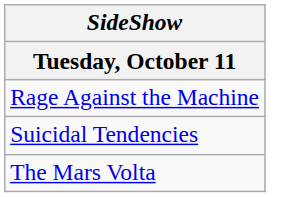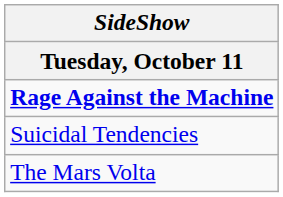 <table class="wikitable">
 <tr>
 <th><em>SideShow</em></th>
 </tr>
 <tr>
 <th>Tuesday, October 11</th>
 </tr>
 <tr>
-<td><a href='#'>Rage Against the Machine</a></td>
+<td><strong><a href='#'>Rage Against the Machine</a></strong></td>
 </tr>
 <tr>
 <td><a href='#'>Suicidal Tendencies</a></td>
 </tr>
 <tr>
 <td><a href='#'>The Mars Volta</a></td>
 </tr>
 </table>
